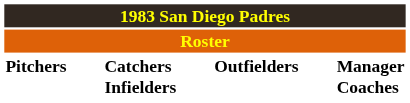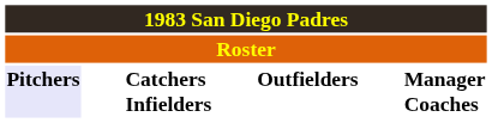 <table class="toccolours" style="font-size: 95%;">
 <tr>
 <th colspan="10" style="background-color: #312821; color: yellow; text-align: center;">1983 San Diego Padres</th>
 </tr>
 <tr>
 <td colspan="10" style="background-color: #de6108; color: yellow; text-align: center;"><strong>Roster</strong></td>
 </tr>
 <tr>
-<td valign="top"><strong>Pitchers</strong><br>                 </td>
+<td valign="top" style="background: lavender;"><strong>Pitchers</strong><br>                 </td>
 <td width="25px"></td>
 <td valign="top"><strong>Catchers</strong><br>   <strong>Infielders</strong>          </td>
 <td width="25px"></td>
 <td valign="top"><strong>Outfielders</strong><br>         </td>
 <td width="25px"></td>
 <td valign="top"><strong>Manager</strong><br> <strong>Coaches</strong>    </td>
 </tr>
 </table>
